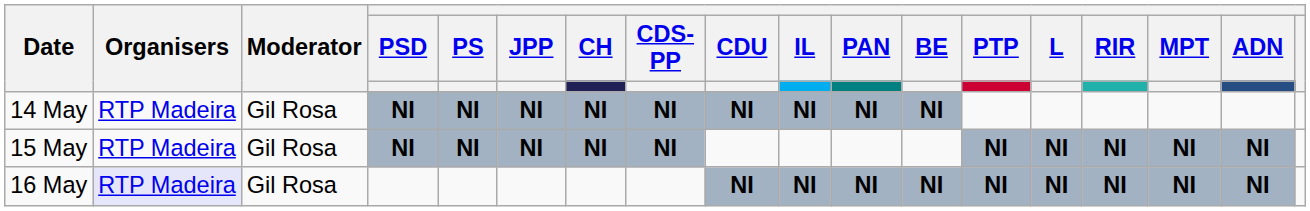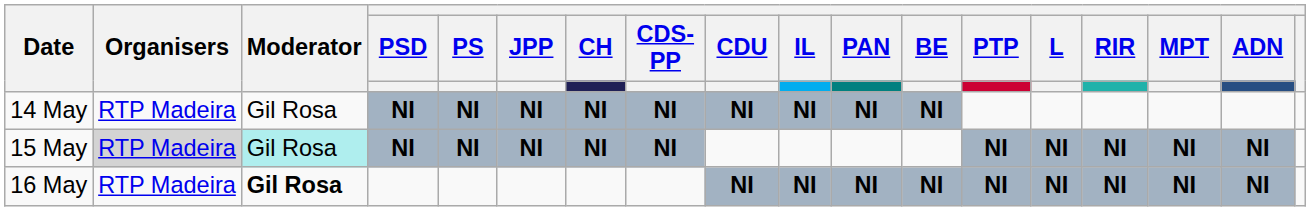 <table class="wikitable" style="font-size:98%; text-align:center;">
 <tr>
 <th rowspan="3">Date</th>
 <th rowspan="3">Organisers</th>
 <th rowspan="3">Moderator</th>
 <th colspan="15">          </th>
 </tr>
 <tr>
 <th scope="col" style="width:5em;"><a href='#'>PSD</a></th>
 <th scope="col" style="width:5em;"><a href='#'>PS</a></th>
 <th scope="col" style="width:5em;"><a href='#'>JPP</a></th>
 <th scope="col" style="width:5em;"><a href='#'>CH</a></th>
 <th scope="col" style="width:5em;"><a href='#'>CDS-PP</a></th>
 <th scope="col" style="width:5em;"><a href='#'>CDU</a></th>
 <th scope="col" style="width:5em;"><a href='#'>IL</a></th>
 <th scope="col" style="width:5em;"><a href='#'>PAN</a></th>
 <th scope="col" style="width:5em;"><a href='#'>BE</a></th>
 <th scope="col" style="width:5em;"><a href='#'>PTP</a></th>
 <th scope="col" style="width:5em;"><a href='#'>L</a></th>
 <th scope="col" style="width:5em;"><a href='#'>RIR</a></th>
 <th scope="col" style="width:5em;"><a href='#'>MPT</a></th>
 <th scope="col" style="width:5em;"><a href='#'>ADN</a></th>
 <th rowspan="2"></th>
 </tr>
 <tr>
 <th style="color:inherit;background:"></th>
 <th style="color:inherit;background:"></th>
 <th style="color:inherit;background:"></th>
 <th style="color:inherit;background:#202056;"></th>
 <th style="color:inherit;background:"></th>
 <th style="color:inherit;background:"></th>
 <th style="color:inherit;background:#00ADEF;"></th>
 <th style="color:inherit;background:teal;"></th>
 <th style="color:inherit;background:"></th>
 <th style="color:inherit;background:#CC0033;"></th>
 <th style="color:inherit;background:"></th>
 <th style="color:inherit;background:LightSeaGreen;"></th>
 <th style="color:inherit;background:"></th>
 <th style="color:inherit;background:#274E82;"></th>
 </tr>
 <tr>
 <td style="white-space:nowrap; text-align:left;">14 May</td>
 <td style="white-space:nowrap; text-align:left;"><a href='#'>RTP Madeira</a></td>
 <td style="white-space:nowrap; text-align:left;">Gil Rosa</td>
 <td style="background:#A2B2C2;"><strong>NI</strong></td>
 <td style="background:#A2B2C2;"><strong>NI</strong></td>
 <td style="background:#A2B2C2;"><strong>NI</strong></td>
 <td style="background:#A2B2C2;"><strong>NI</strong></td>
 <td style="background:#A2B2C2;"><strong>NI</strong></td>
 <td style="background:#A2B2C2;"><strong>NI</strong></td>
 <td style="background:#A2B2C2;"><strong>NI</strong></td>
 <td style="background:#A2B2C2;"><strong>NI</strong></td>
 <td style="background:#A2B2C2;"><strong>NI</strong></td>
 <td></td>
 <td></td>
 <td></td>
 <td></td>
 <td></td>
 <td></td>
 </tr>
 <tr>
 <td style="white-space:nowrap; text-align:left;">15 May</td>
-<td style="white-space:nowrap; text-align:left;"><a href='#'>RTP Madeira</a></td>
-<td style="white-space:nowrap; text-align:left;">Gil Rosa</td>
+<td style="background: lightgrey; white-space:nowrap; text-align:left;"><a href='#'>RTP Madeira</a></td>
+<td style="background: paleturquoise; white-space:nowrap; text-align:left;">Gil Rosa</td>
 <td style="background:#A2B2C2;"><strong>NI</strong></td>
 <td style="background:#A2B2C2;"><strong>NI</strong></td>
 <td style="background:#A2B2C2;"><strong>NI</strong></td>
 <td style="background:#A2B2C2;"><strong>NI</strong></td>
 <td style="background:#A2B2C2;"><strong>NI</strong></td>
 <td></td>
 <td></td>
 <td></td>
 <td></td>
 <td style="background:#A2B2C2;"><strong>NI</strong></td>
 <td style="background:#A2B2C2;"><strong>NI</strong></td>
 <td style="background:#A2B2C2;"><strong>NI</strong></td>
 <td style="background:#A2B2C2;"><strong>NI</strong></td>
 <td style="background:#A2B2C2;"><strong>NI</strong></td>
 <td></td>
 </tr>
 <tr>
 <td style="white-space:nowrap; text-align:left;">16 May</td>
-<td style="background: lavender; white-space:nowrap; text-align:left;"><a href='#'>RTP Madeira</a></td>
-<td style="white-space:nowrap; text-align:left;">Gil Rosa</td>
+<td style="white-space:nowrap; text-align:left;"><a href='#'>RTP Madeira</a></td>
+<td style="white-space:nowrap; text-align:left;"><strong>Gil Rosa</strong></td>
 <td></td>
 <td></td>
 <td></td>
 <td></td>
 <td></td>
 <td style="background:#A2B2C2;"><strong>NI</strong></td>
 <td style="background:#A2B2C2;"><strong>NI</strong></td>
 <td style="background:#A2B2C2;"><strong>NI</strong></td>
 <td style="background:#A2B2C2;"><strong>NI</strong></td>
 <td style="background:#A2B2C2;"><strong>NI</strong></td>
 <td style="background:#A2B2C2;"><strong>NI</strong></td>
 <td style="background:#A2B2C2;"><strong>NI</strong></td>
 <td style="background:#A2B2C2;"><strong>NI</strong></td>
 <td style="background:#A2B2C2;"><strong>NI</strong></td>
 <td></td>
 </tr>
 </table>
